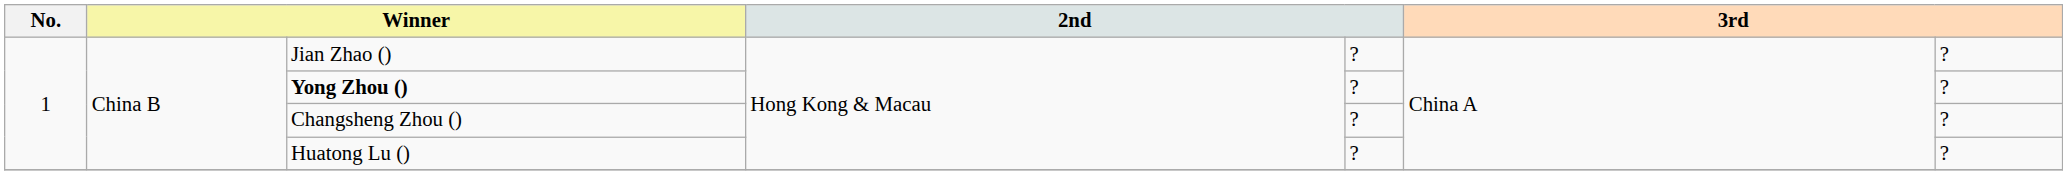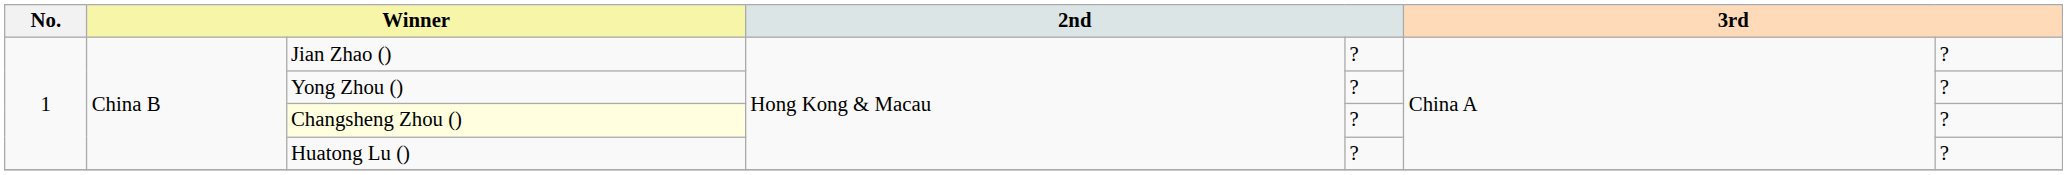 <table class="wikitable" width=100%>
 <tr>
 <th width=4%>No.</th>
 <th colspan="2" style="background-color: #F7F6A8;" width=32%>Winner</th>
 <th colspan="2" style="background-color: #DCE5E5;" width=32%>2nd</th>
 <th colspan="2" style="background-color: #FFDAB9;" width=32%>3rd</th>
 </tr>
 <tr>
 <td rowspan="4" align=center>1</td>
 <td rowspan="4">China B</td>
 <td>Jian Zhao ()</td>
 <td rowspan="4">Hong Kong & Macau</td>
 <td>?</td>
 <td rowspan="4">China A</td>
 <td>?</td>
 </tr>
 <tr>
-<td><strong>Yong Zhou ()</strong></td>
+<td>Yong Zhou ()</td>
 <td>?</td>
 <td>?</td>
 </tr>
 <tr>
-<td>Changsheng Zhou ()</td>
+<td style="background: lightyellow;">Changsheng Zhou ()</td>
 <td>?</td>
 <td>?</td>
 </tr>
 <tr>
 <td>Huatong Lu ()</td>
 <td>?</td>
 <td>?</td>
 </tr>
 <tr>
 </tr>
 </table>
